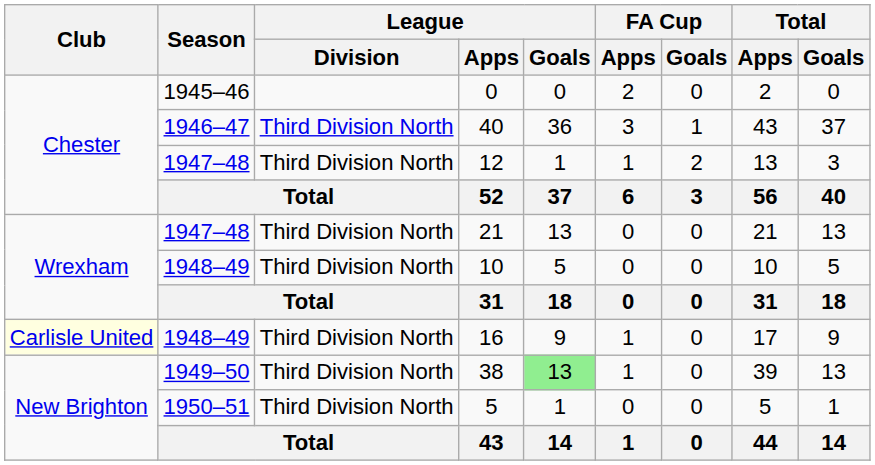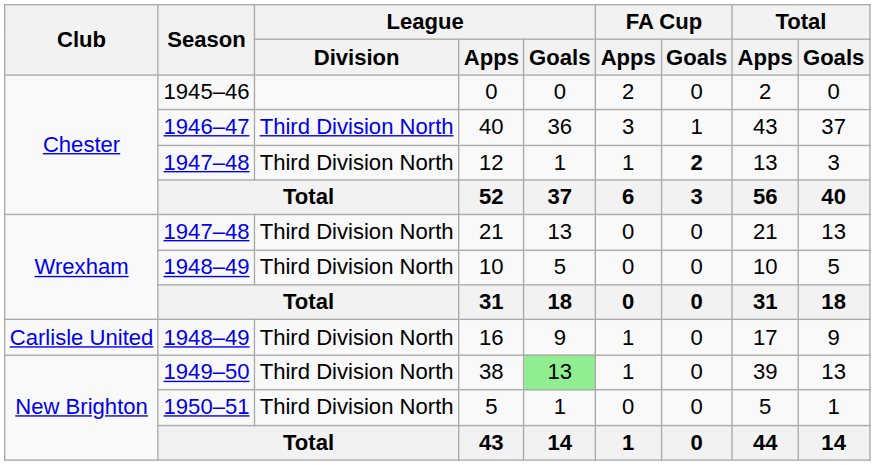 <table class="wikitable" style="text-align: center;">
 <tr>
 <th rowspan="2">Club</th>
 <th rowspan="2">Season</th>
 <th colspan="3">League</th>
 <th colspan="2">FA Cup</th>
 <th colspan="2">Total</th>
 </tr>
 <tr>
 <th>Division</th>
 <th>Apps</th>
 <th>Goals</th>
 <th>Apps</th>
 <th>Goals</th>
 <th>Apps</th>
 <th>Goals</th>
 </tr>
 <tr>
 <td rowspan="4"><a href='#'>Chester</a></td>
 <td>1945–46</td>
 <td></td>
 <td>0</td>
 <td>0</td>
 <td>2</td>
 <td>0</td>
 <td>2</td>
 <td>0</td>
 </tr>
 <tr>
 <td><a href='#'>1946–47</a></td>
 <td><a href='#'>Third Division North</a></td>
 <td>40</td>
 <td>36</td>
 <td>3</td>
 <td>1</td>
 <td>43</td>
 <td>37</td>
 </tr>
 <tr>
 <td><a href='#'>1947–48</a></td>
 <td>Third Division North</td>
 <td>12</td>
 <td>1</td>
 <td>1</td>
-<td>2</td>
+<td><strong>2</strong></td>
 <td>13</td>
 <td>3</td>
 </tr>
 <tr>
 <th colspan="2">Total</th>
 <th>52</th>
 <th>37</th>
 <th>6</th>
 <th>3</th>
 <th>56</th>
 <th>40</th>
 </tr>
 <tr>
 <td rowspan="3"><a href='#'>Wrexham</a></td>
 <td><a href='#'>1947–48</a></td>
 <td>Third Division North</td>
 <td>21</td>
 <td>13</td>
 <td>0</td>
 <td>0</td>
 <td>21</td>
 <td>13</td>
 </tr>
 <tr>
 <td><a href='#'>1948–49</a></td>
 <td>Third Division North</td>
 <td>10</td>
 <td>5</td>
 <td>0</td>
 <td>0</td>
 <td>10</td>
 <td>5</td>
 </tr>
 <tr>
 <th colspan="2">Total</th>
 <th>31</th>
 <th>18</th>
 <th>0</th>
 <th>0</th>
 <th>31</th>
 <th>18</th>
 </tr>
 <tr>
-<td style="background: lightyellow;"><a href='#'>Carlisle United</a></td>
+<td><a href='#'>Carlisle United</a></td>
 <td><a href='#'>1948–49</a></td>
 <td>Third Division North</td>
 <td>16</td>
 <td>9</td>
 <td>1</td>
 <td>0</td>
 <td>17</td>
 <td>9</td>
 </tr>
 <tr>
 <td rowspan="3"><a href='#'>New Brighton</a></td>
 <td><a href='#'>1949–50</a></td>
 <td>Third Division North</td>
 <td>38</td>
 <td style="background: lightgreen;">13</td>
 <td>1</td>
 <td>0</td>
 <td>39</td>
 <td>13</td>
 </tr>
 <tr>
 <td><a href='#'>1950–51</a></td>
 <td>Third Division North</td>
 <td>5</td>
 <td>1</td>
 <td>0</td>
 <td>0</td>
 <td>5</td>
 <td>1</td>
 </tr>
 <tr>
 <th colspan="2">Total</th>
 <th>43</th>
 <th>14</th>
 <th>1</th>
 <th>0</th>
 <th>44</th>
 <th>14</th>
 </tr>
 </table>
